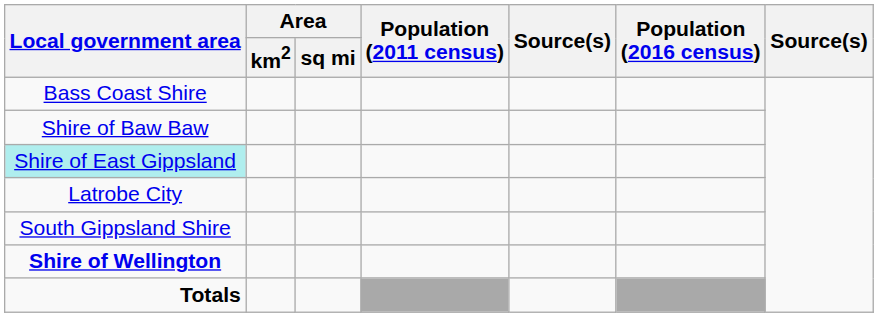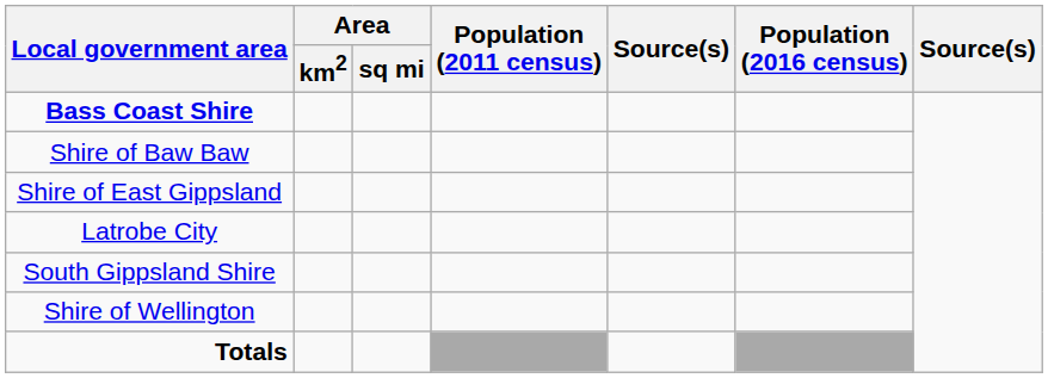 <table class="wikitable sortable plainrowheaders" style="text-align:center;">
 <tr>
 <th scope="col" rowspan="2"><a href='#'>Local government area</a></th>
 <th scope="col" colspan="2">Area</th>
 <th scope="col" rowspan="2">Population<br>(<a href='#'>2011 census</a>)</th>
 <th scope="col" rowspan="2">Source(s)</th>
 <th scope="col" rowspan="2">Population<br>(<a href='#'>2016 census</a>)</th>
 <th scope="col" rowspan="2">Source(s)</th>
 </tr>
 <tr>
 <th scope="col">km<sup>2</sup></th>
 <th scope="col">sq mi</th>
 </tr>
 <tr>
-<td scope="row"><a href='#'>Bass Coast Shire</a></td>
+<td scope="row"><strong><a href='#'>Bass Coast Shire</a></strong></td>
 <td></td>
 <td align="right"></td>
 <td></td>
 <td align="right"></td>
 <td></td>
 </tr>
 <tr>
 <td scope="row"><a href='#'>Shire of Baw Baw</a></td>
 <td></td>
 <td align="right"></td>
 <td></td>
 <td align="right"></td>
 <td></td>
 </tr>
 <tr>
-<td scope="row" style="background: paleturquoise;"><a href='#'>Shire of East Gippsland</a></td>
+<td scope="row"><a href='#'>Shire of East Gippsland</a></td>
 <td></td>
 <td align="right"></td>
 <td></td>
 <td align="right"></td>
 <td></td>
 </tr>
 <tr>
 <td scope="row"><a href='#'>Latrobe City</a></td>
 <td></td>
 <td align="right"></td>
 <td></td>
 <td align="right"></td>
 <td></td>
 </tr>
 <tr>
 <td scope="row"><a href='#'>South Gippsland Shire</a></td>
 <td></td>
 <td align="right"></td>
 <td></td>
 <td align="right"></td>
 <td></td>
 </tr>
 <tr>
-<td scope="row"><strong><a href='#'>Shire of Wellington</a></strong></td>
+<td scope="row"><a href='#'>Shire of Wellington</a></td>
 <td></td>
 <td align="right"></td>
 <td></td>
 <td align="right"></td>
 <td></td>
 </tr>
 <tr>
 <td scope="row" align="right"><strong>Totals</strong></td>
 <td></td>
 <td align="right"><strong></strong></td>
 <td style="background:darkgrey;"></td>
 <td align="right"><strong></strong></td>
 <td style="background:darkgrey;"></td>
 </tr>
 </table>
